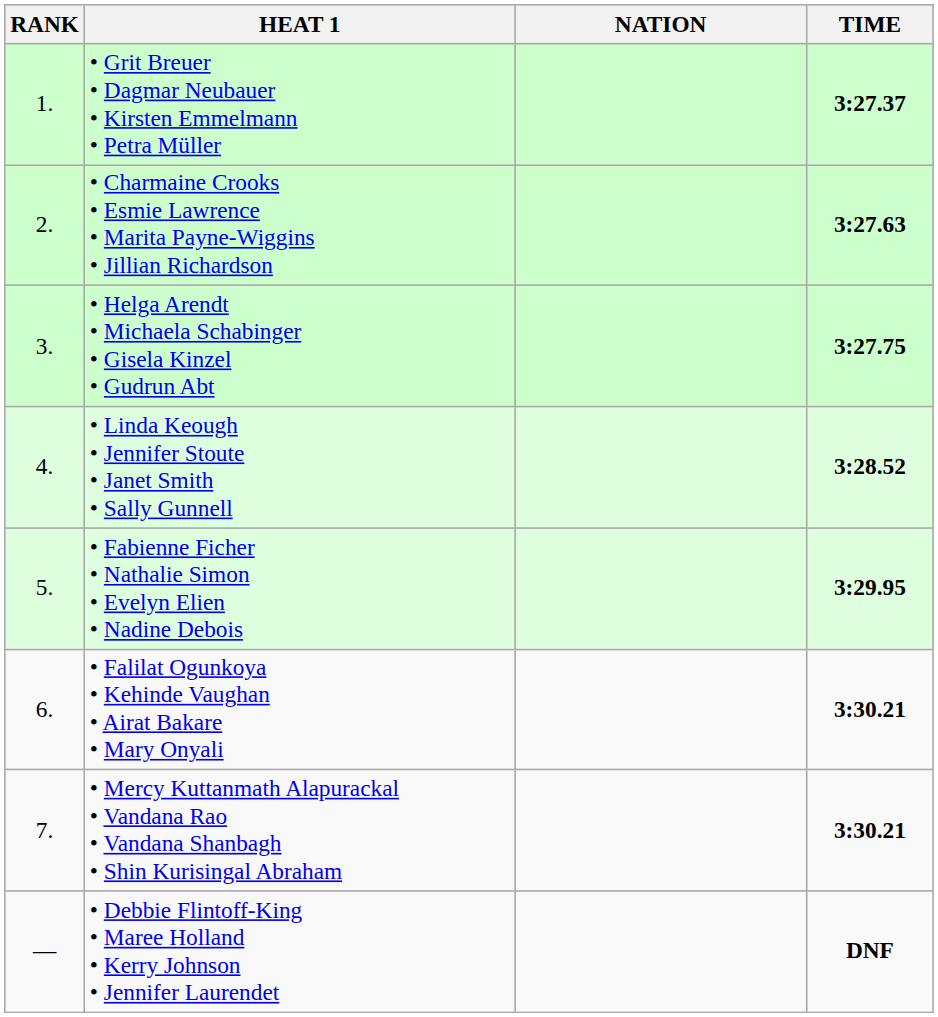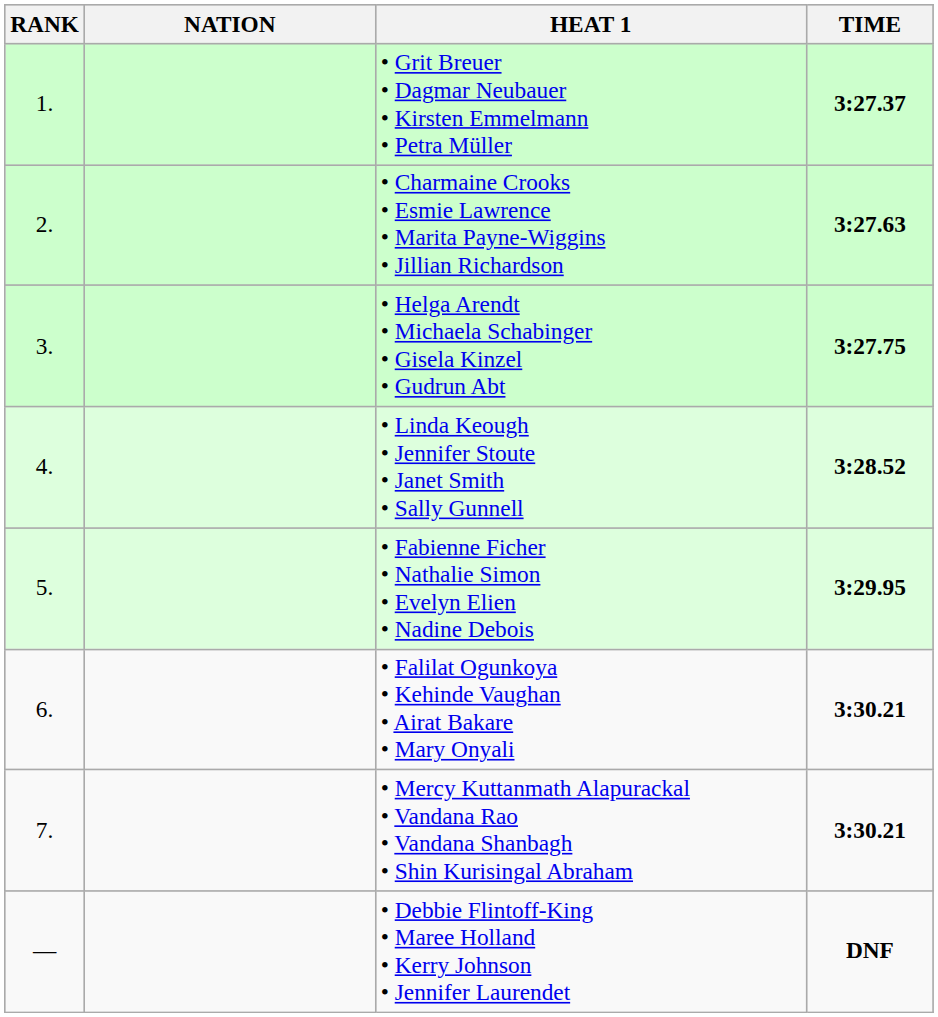 <table class="wikitable" style="border-collapse: collapse; font-size: 90%;">
 <tr>
 <th>RANK</th>
+<th style="width: 12em">NATION</th>
 <th style="width: 18em">HEAT 1</th>
-<th style="width: 12em">NATION</th>
 <th style="width: 5em">TIME</th>
 </tr>
 <tr style="background:#ccffcc;">
 <td align="center">1.</td>
+<td align="center"></td>
 <td>• <a href='#'>Grit Breuer</a><br>• <a href='#'>Dagmar Neubauer</a><br>• <a href='#'>Kirsten Emmelmann</a><br>• <a href='#'>Petra Müller</a></td>
-<td align="center"></td>
 <td align="center"><strong>3:27.37</strong></td>
 </tr>
 <tr style="background:#ccffcc;">
 <td align="center">2.</td>
+<td align="center"></td>
 <td>• <a href='#'>Charmaine Crooks</a><br>• <a href='#'>Esmie Lawrence</a><br>• <a href='#'>Marita Payne-Wiggins</a><br>• <a href='#'>Jillian Richardson</a></td>
-<td align="center"></td>
 <td align="center"><strong>3:27.63</strong></td>
 </tr>
 <tr style="background:#ccffcc;">
 <td align="center">3.</td>
+<td align="center"></td>
 <td>• <a href='#'>Helga Arendt</a><br>• <a href='#'>Michaela Schabinger</a><br>• <a href='#'>Gisela Kinzel</a><br>• <a href='#'>Gudrun Abt</a></td>
-<td align="center"></td>
 <td align="center"><strong>3:27.75</strong></td>
 </tr>
 <tr style="background:#ddffdd;">
 <td align="center">4.</td>
+<td align="center"></td>
 <td>• <a href='#'>Linda Keough</a><br>• <a href='#'>Jennifer Stoute</a><br>• <a href='#'>Janet Smith</a><br>• <a href='#'>Sally Gunnell</a></td>
-<td align="center"></td>
 <td align="center"><strong>3:28.52</strong></td>
 </tr>
 <tr style="background:#ddffdd;">
 <td align="center">5.</td>
+<td align="center"></td>
 <td>• <a href='#'>Fabienne Ficher</a><br>• <a href='#'>Nathalie Simon</a><br>• <a href='#'>Evelyn Elien</a><br>• <a href='#'>Nadine Debois</a></td>
-<td align="center"></td>
 <td align="center"><strong>3:29.95</strong></td>
 </tr>
 <tr>
 <td align="center">6.</td>
+<td align="center"></td>
 <td>• <a href='#'>Falilat Ogunkoya</a><br>• <a href='#'>Kehinde Vaughan</a><br>• <a href='#'>Airat Bakare</a><br>• <a href='#'>Mary Onyali</a></td>
-<td align="center"></td>
 <td align="center"><strong>3:30.21</strong></td>
 </tr>
 <tr>
 <td align="center">7.</td>
+<td align="center"></td>
 <td>• <a href='#'>Mercy Kuttanmath Alapurackal</a><br>• <a href='#'>Vandana Rao</a><br>• <a href='#'>Vandana Shanbagh</a><br>• <a href='#'>Shin Kurisingal Abraham</a></td>
-<td align="center"></td>
 <td align="center"><strong>3:30.21</strong></td>
 </tr>
 <tr>
 <td align="center">—</td>
+<td align="center"></td>
 <td>• <a href='#'>Debbie Flintoff-King</a><br>• <a href='#'>Maree Holland</a><br>• <a href='#'>Kerry Johnson</a><br>• <a href='#'>Jennifer Laurendet</a></td>
-<td align="center"></td>
 <td align="center"><strong>DNF</strong></td>
 </tr>
 </table>
